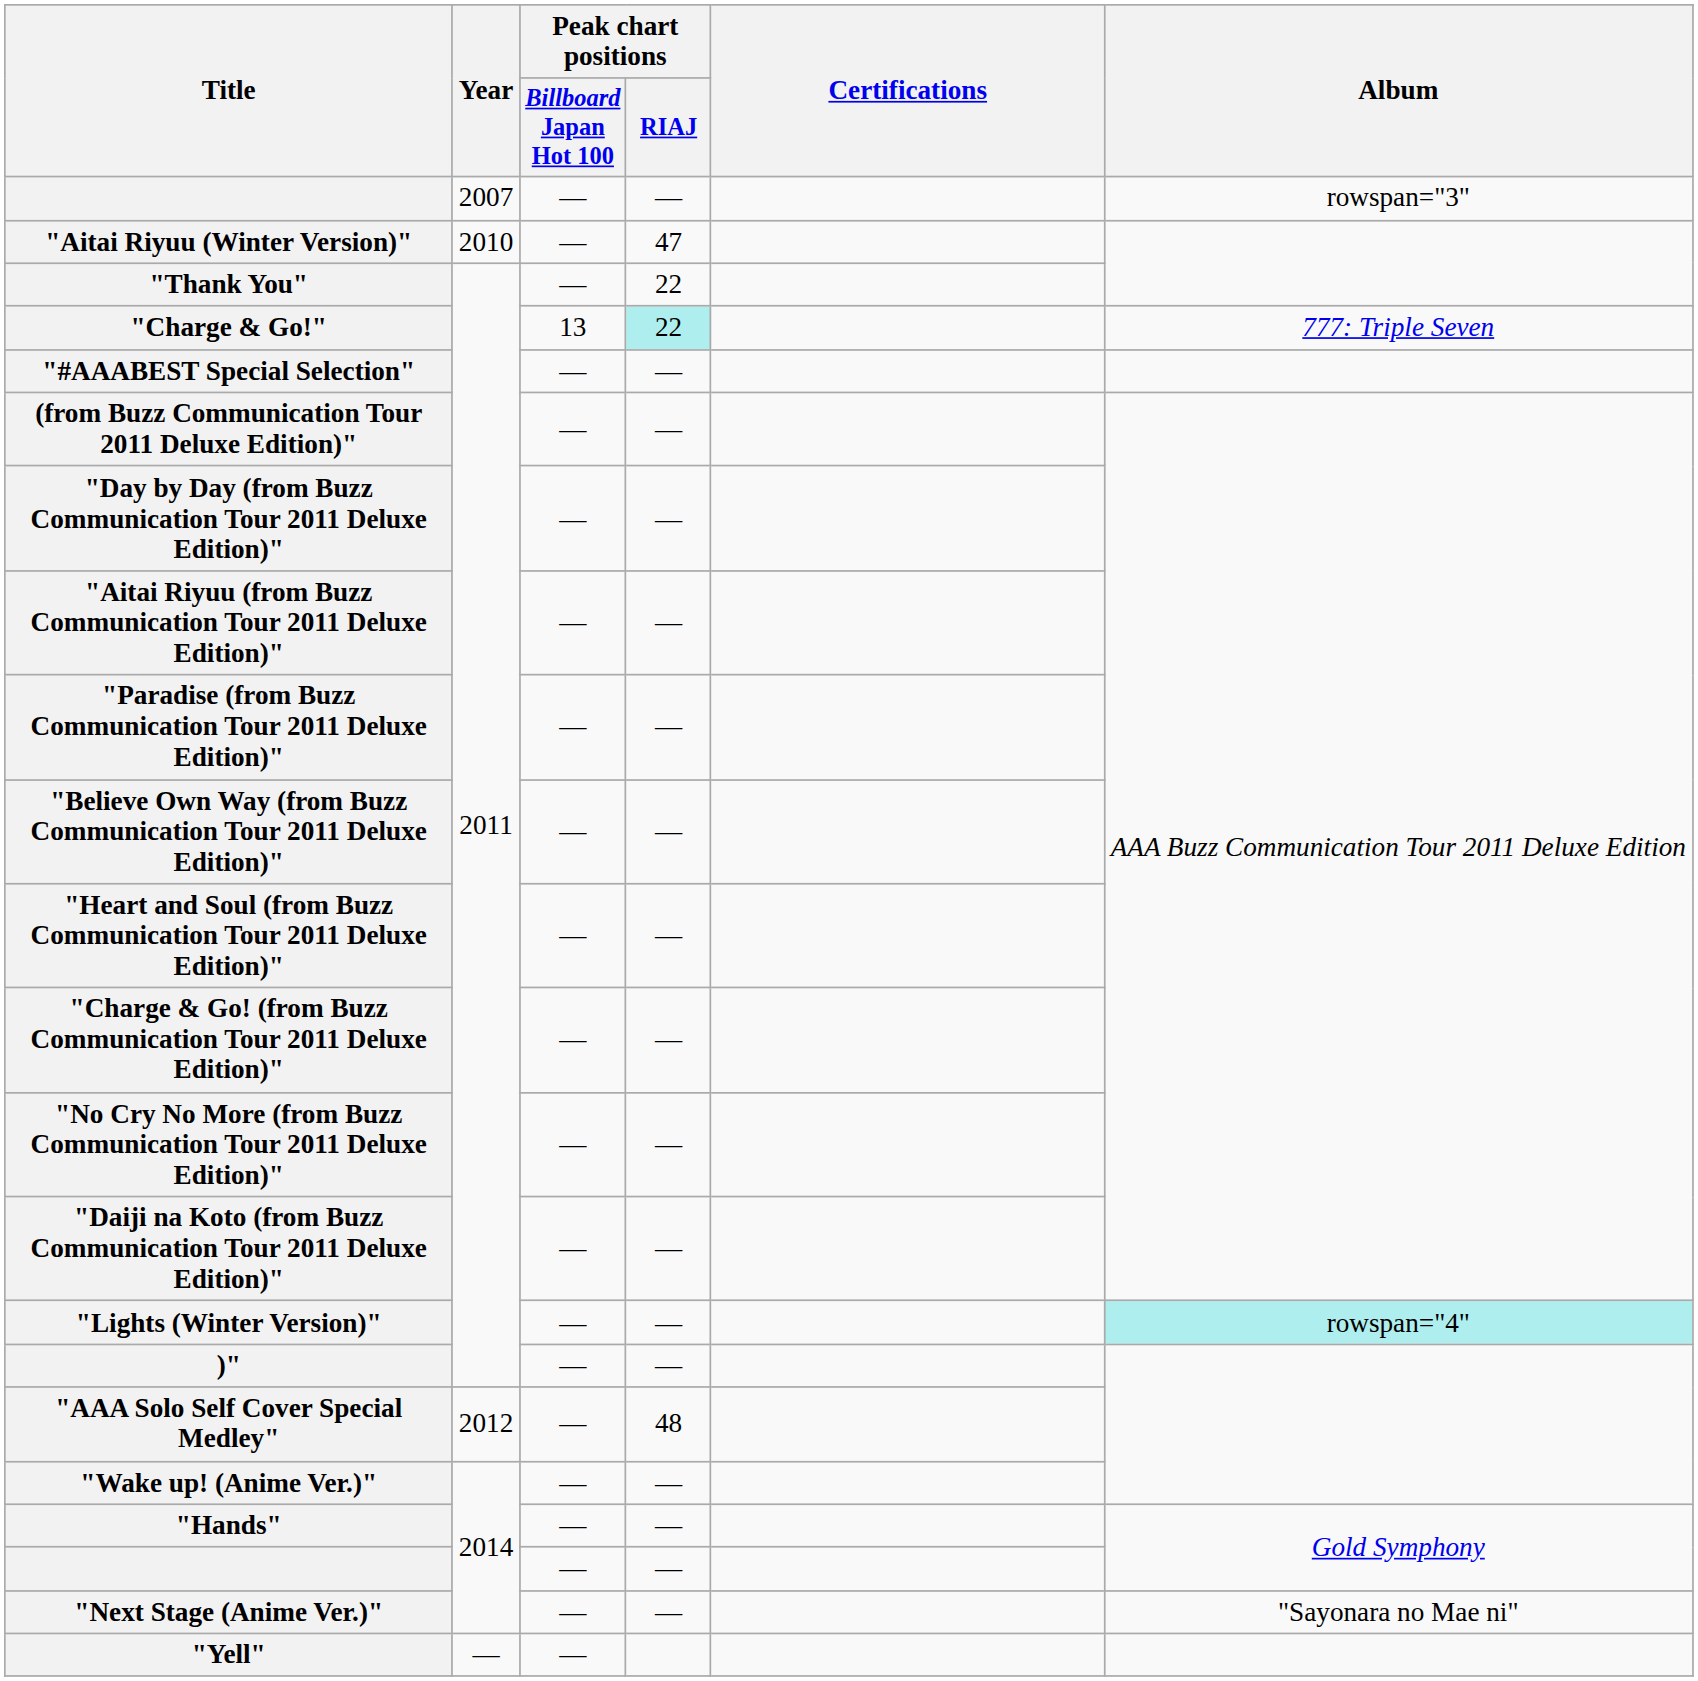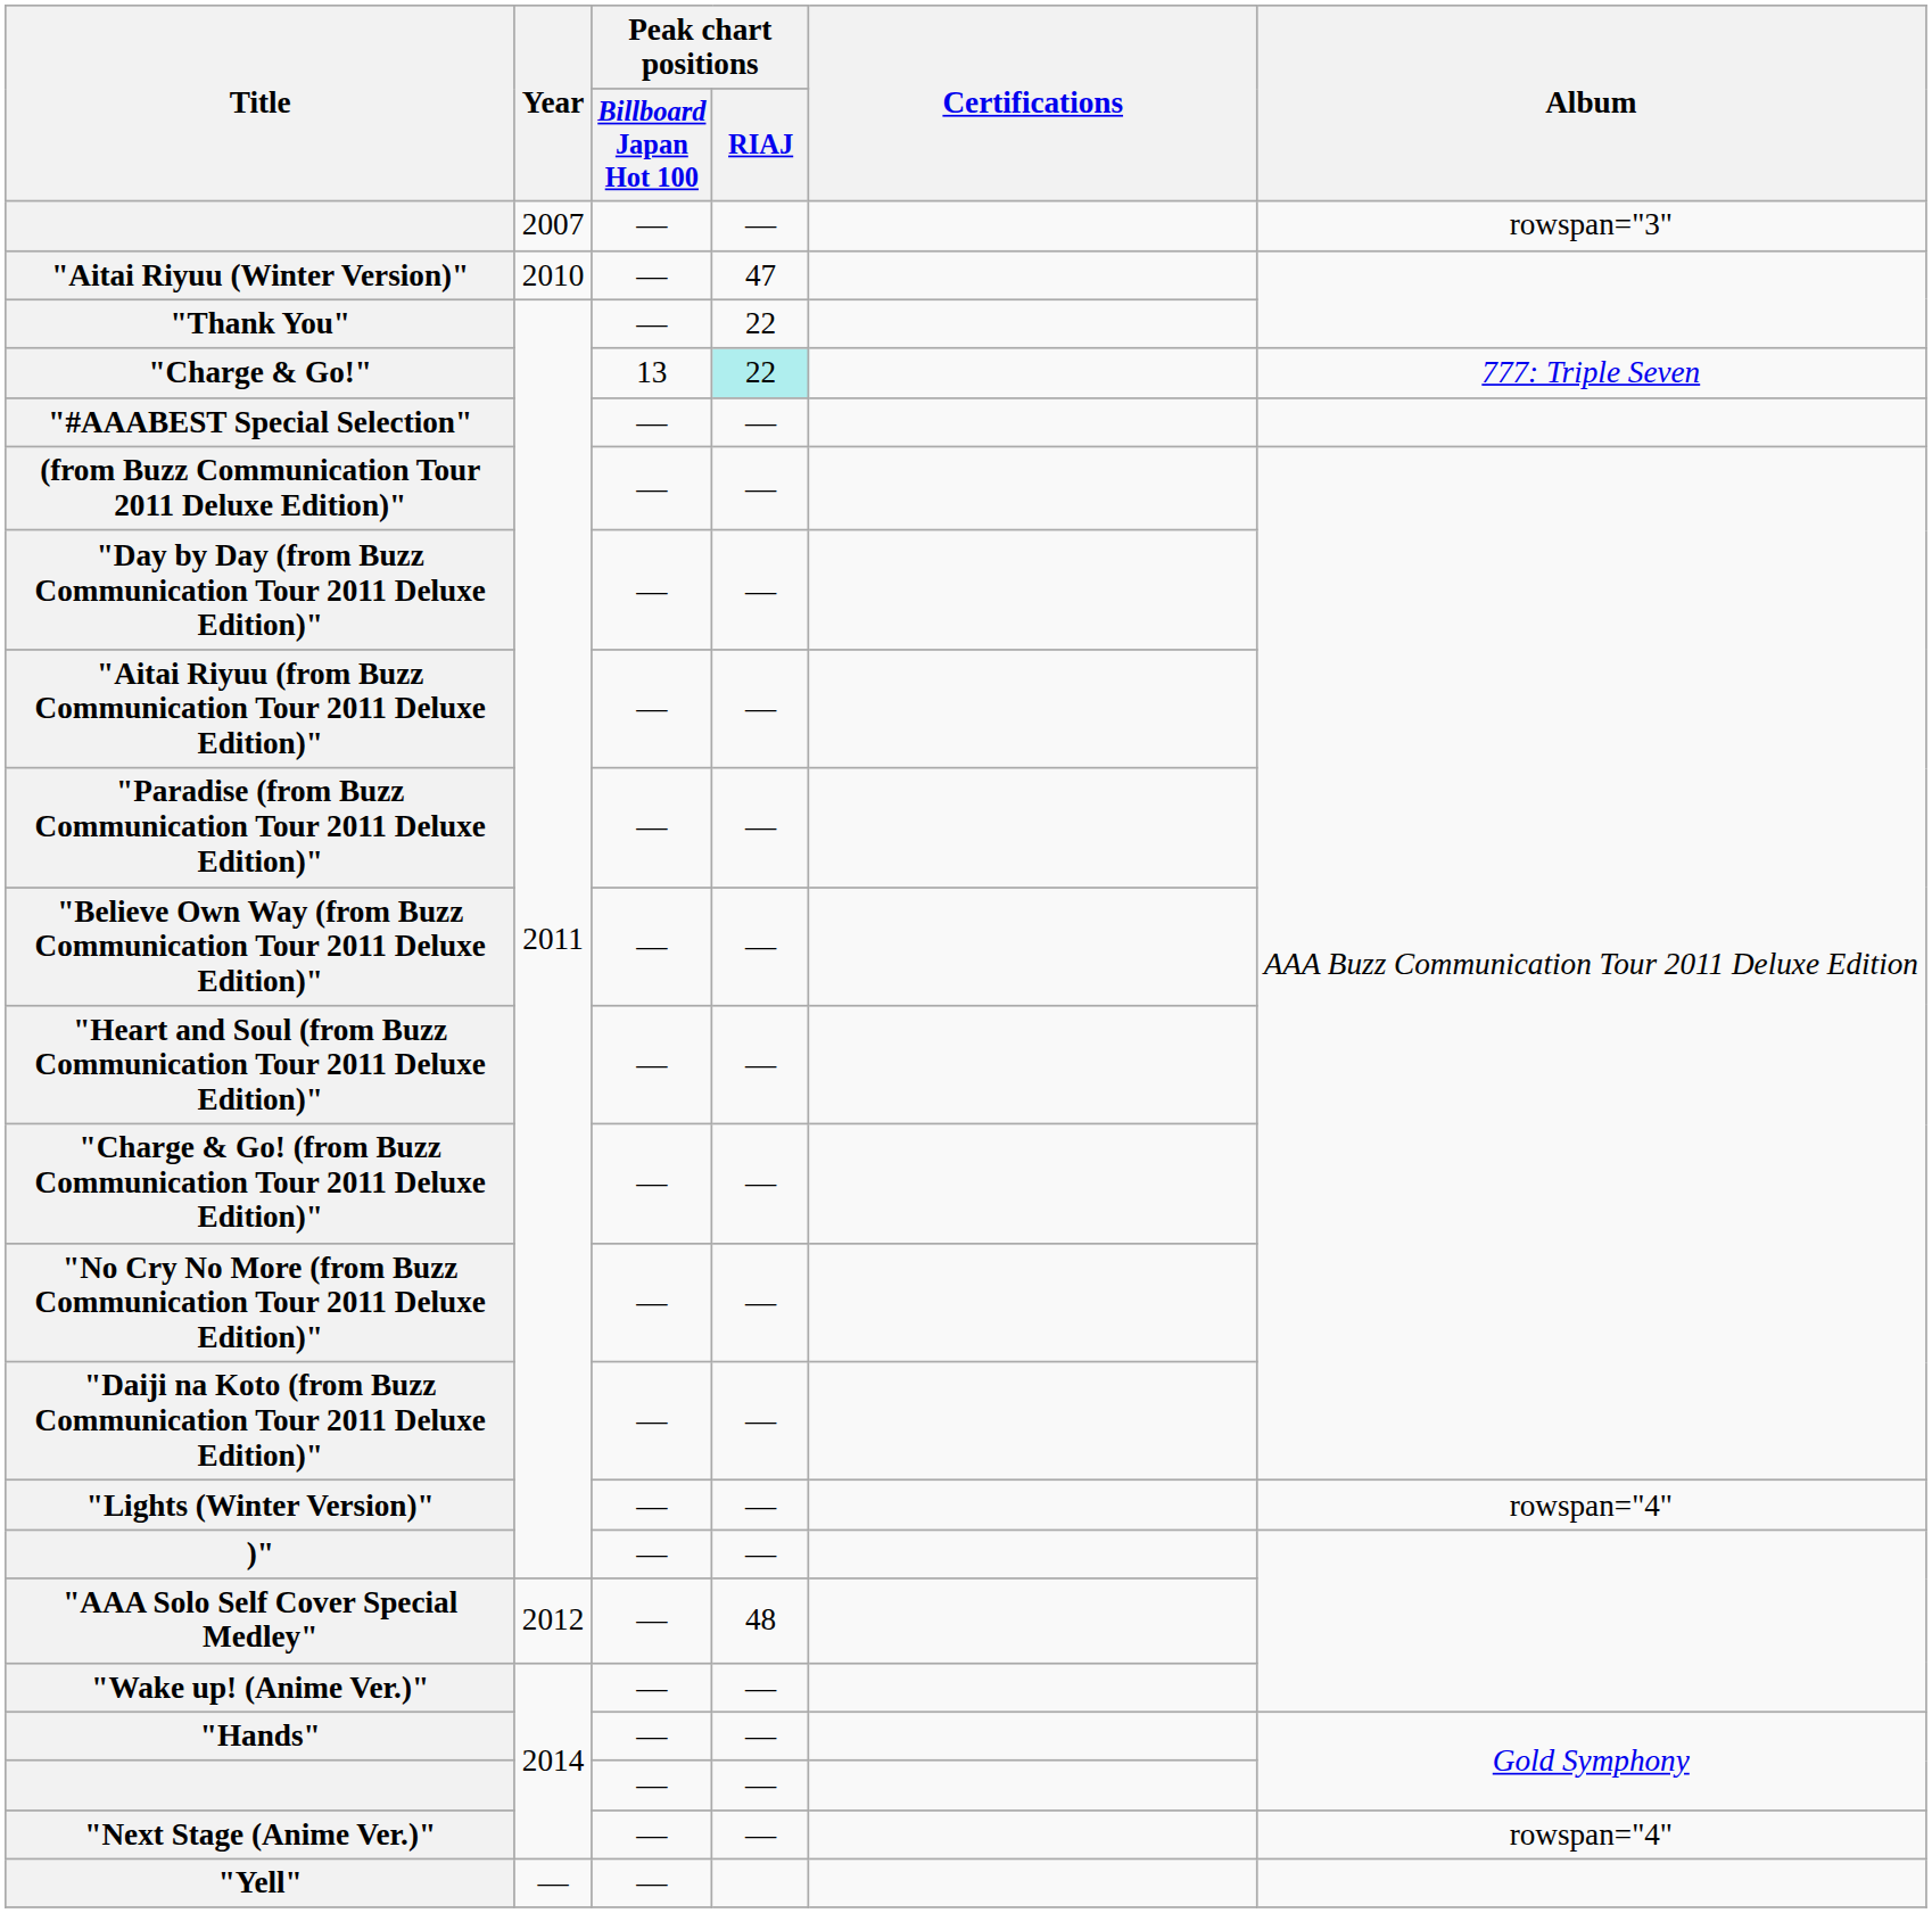 <table class="wikitable plainrowheaders" style="text-align:center;" border="1">
 <tr>
 <th scope="col" rowspan="2" style="width:16em;">Title</th>
 <th scope="col" rowspan="2">Year</th>
 <th scope="col" colspan="2">Peak chart positions</th>
 <th scope="col" rowspan="2" style="width:14em;"><a href='#'>Certifications</a></th>
 <th scope="col" rowspan="2">Album</th>
 </tr>
 <tr>
 <th scope="col" style="width:3em;font-size:90%;"><em><a href='#'>Billboard</a></em> <a href='#'>Japan Hot 100</a><br></th>
 <th scope="col" style="width:3em;font-size:90%;"><a href='#'>RIAJ</a><br></th>
 </tr>
 <tr>
 <th scope="row"></th>
 <td>2007</td>
 <td>—</td>
 <td>—</td>
 <td></td>
 <td>rowspan="3" </td>
 </tr>
 <tr>
 <th scope="row">"Aitai Riyuu (Winter Version)"</th>
 <td>2010</td>
 <td>—</td>
 <td>47</td>
 <td></td>
 </tr>
 <tr>
 <th scope="row">"Thank You"</th>
 <td rowspan="14">2011</td>
 <td>—</td>
 <td>22</td>
 <td></td>
 </tr>
 <tr>
 <th scope="row">"Charge & Go!"</th>
 <td>13</td>
 <td style="background: paleturquoise;">22</td>
 <td></td>
 <td><em><a href='#'>777: Triple Seven</a></em></td>
 </tr>
 <tr>
 <th scope="row">"#AAABEST Special Selection"</th>
 <td>—</td>
 <td>—</td>
 <td></td>
 <td></td>
 </tr>
 <tr>
 <th scope="row"> (from Buzz Communication Tour 2011 Deluxe Edition)"</th>
 <td>—</td>
 <td>—</td>
 <td></td>
 <td rowspan="9"><em>AAA Buzz Communication Tour 2011 Deluxe Edition</em></td>
 </tr>
 <tr>
 <th scope="row">"Day by Day (from Buzz Communication Tour 2011 Deluxe Edition)"</th>
 <td>—</td>
 <td>—</td>
 <td></td>
 </tr>
 <tr>
 <th scope="row">"Aitai Riyuu (from Buzz Communication Tour 2011 Deluxe Edition)"</th>
 <td>—</td>
 <td>—</td>
 <td></td>
 </tr>
 <tr>
 <th scope="row">"Paradise (from Buzz Communication Tour 2011 Deluxe Edition)"</th>
 <td>—</td>
 <td>—</td>
 <td></td>
 </tr>
 <tr>
 <th scope="row">"Believe Own Way (from Buzz Communication Tour 2011 Deluxe Edition)"</th>
 <td>—</td>
 <td>—</td>
 <td></td>
 </tr>
 <tr>
 <th scope="row">"Heart and Soul (from Buzz Communication Tour 2011 Deluxe Edition)"</th>
 <td>—</td>
 <td>—</td>
 <td></td>
 </tr>
 <tr>
 <th scope="row">"Charge & Go! (from Buzz Communication Tour 2011 Deluxe Edition)"</th>
 <td>—</td>
 <td>—</td>
 <td></td>
 </tr>
 <tr>
 <th scope="row">"No Cry No More (from Buzz Communication Tour 2011 Deluxe Edition)"</th>
 <td>—</td>
 <td>—</td>
 <td></td>
 </tr>
 <tr>
 <th scope="row">"Daiji na Koto (from Buzz Communication Tour 2011 Deluxe Edition)"</th>
 <td>—</td>
 <td>—</td>
 <td></td>
 </tr>
 <tr>
 <th scope="row">"Lights (Winter Version)"</th>
 <td>—</td>
 <td>—</td>
 <td></td>
-<td style="background: paleturquoise;">rowspan="4" </td>
+<td>rowspan="4" </td>
 </tr>
 <tr>
 <th scope="row">)"</th>
 <td>—</td>
 <td>—</td>
 <td></td>
 </tr>
 <tr>
 <th scope="row">"AAA Solo Self Cover Special Medley"</th>
 <td>2012</td>
 <td>—</td>
 <td>48</td>
 <td></td>
 </tr>
 <tr>
 <th scope="row">"Wake up! (Anime Ver.)"</th>
 <td rowspan="4">2014</td>
 <td>—</td>
 <td>—</td>
 <td></td>
 </tr>
 <tr>
 <th scope="row">"Hands"</th>
 <td>—</td>
 <td>—</td>
 <td></td>
 <td rowspan="2"><em><a href='#'>Gold Symphony</a></em></td>
 </tr>
 <tr>
 <th scope="row"></th>
 <td>—</td>
 <td>—</td>
 <td></td>
 </tr>
 <tr>
 <th scope="row">"Next Stage (Anime Ver.)"</th>
 <td>—</td>
 <td>—</td>
 <td></td>
-<td>"Sayonara no Mae ni"</td>
+<td>rowspan="4" </td>
 </tr>
 <tr>
 <th scope="row">"Yell"</th>
 <td>—</td>
 <td>—</td>
 <td></td>
 <td></td>
 <td></td>
 </tr>
 </table>
